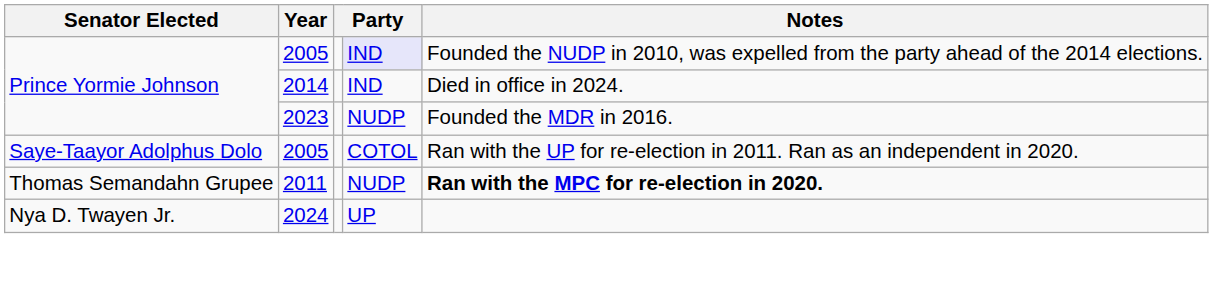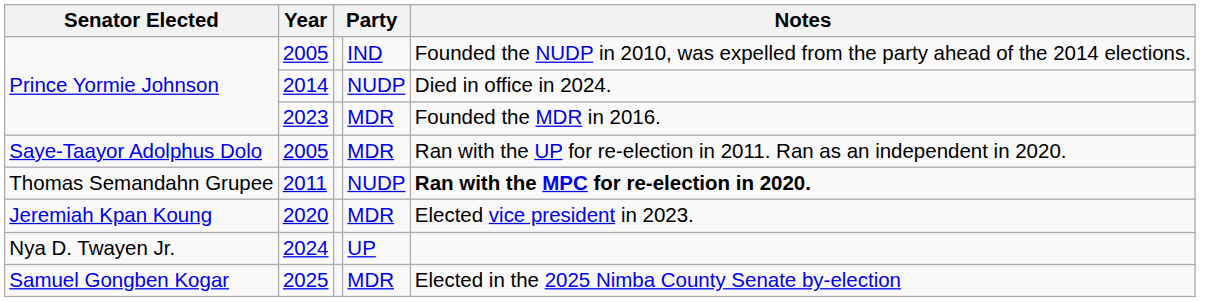 <table class="wikitable">
 <tr>
 <th>Senator Elected</th>
 <th>Year</th>
 <th colspan=2>Party</th>
 <th>Notes</th>
 </tr>
 <tr>
 <td rowspan=3><a href='#'>Prince Yormie Johnson</a></td>
 <td><a href='#'>2005</a></td>
 <td></td>
-<td style="background: lavender;"><a href='#'>IND</a></td>
+<td><a href='#'>IND</a></td>
 <td>Founded the <a href='#'>NUDP</a> in 2010, was expelled from the party ahead of the 2014 elections.</td>
 </tr>
 <tr>
 <td><a href='#'>2014</a></td>
 <td></td>
-<td><a href='#'>IND</a></td>
+<td><a href='#'>NUDP</a></td>
 <td>Died in office in 2024.</td>
 </tr>
 <tr>
 <td><a href='#'>2023</a></td>
 <td></td>
-<td><a href='#'>NUDP</a></td>
+<td><a href='#'>MDR</a></td>
 <td>Founded the <a href='#'>MDR</a> in 2016.</td>
 </tr>
 <tr>
 <td><a href='#'>Saye-Taayor Adolphus Dolo</a></td>
 <td><a href='#'>2005</a></td>
 <td></td>
-<td><a href='#'>COTOL</a></td>
+<td><a href='#'>MDR</a></td>
 <td>Ran with the <a href='#'>UP</a> for re-election in 2011. Ran as an independent in 2020.</td>
 </tr>
 <tr>
 <td>Thomas Semandahn Grupee</td>
 <td><a href='#'>2011</a></td>
 <td></td>
 <td><a href='#'>NUDP</a></td>
 <td><strong>Ran with the <a href='#'>MPC</a> for re-election in 2020.</strong></td>
 </tr>
 <tr>
+<td><a href='#'>Jeremiah Kpan Koung</a></td>
+<td><a href='#'>2020</a></td>
+<td></td>
+<td><a href='#'>MDR</a></td>
+<td>Elected <a href='#'>vice president</a> in 2023.</td>
+</tr>
+<tr>
 <td>Nya D. Twayen Jr.</td>
 <td><a href='#'>2024</a></td>
 <td></td>
 <td><a href='#'>UP</a></td>
 <td></td>
 </tr>
+<tr>
+<td><a href='#'>Samuel Gongben Kogar</a></td>
+<td><a href='#'>2025</a></td>
+<td></td>
+<td><a href='#'>MDR</a></td>
+<td>Elected in the <a href='#'>2025 Nimba County Senate by-election</a></td>
+</tr>
 </table>
